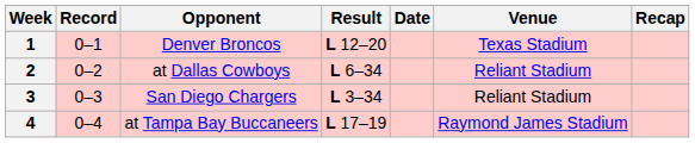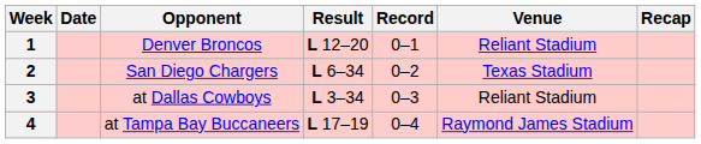 <table class="wikitable" style="text-align:center">
 <tr>
 <th>Week</th>
-<th>Record</th>
+<th>Date</th>
 <th>Opponent</th>
 <th>Result</th>
-<th>Date</th>
+<th>Record</th>
 <th>Venue</th>
 <th>Recap</th>
 </tr>
 <tr style="background:#fcc">
 <th>1</th>
-<td>0–1</td>
+<td></td>
 <td><a href='#'>Denver Broncos</a></td>
 <td><strong>L</strong>  12–20</td>
+<td>0–1</td>
+<td><a href='#'>Reliant Stadium</a></td>
 <td></td>
+</tr>
+<tr style="background:#fcc">
+<th>2</th>
+<td></td>
+<td><a href='#'>San Diego Chargers</a></td>
+<td><strong>L</strong> 6–34</td>
+<td>0–2</td>
 <td><a href='#'>Texas Stadium</a></td>
 <td></td>
 </tr>
 <tr style="background:#fcc">
-<th>2</th>
-<td>0–2</td>
+<th>3</th>
+<td></td>
 <td>at <a href='#'>Dallas Cowboys</a></td>
-<td><strong>L</strong> 6–34</td>
-<td></td>
-<td><a href='#'>Reliant Stadium</a></td>
-<td></td>
-</tr>
-<tr style="background:#fcc">
-<th>3</th>
+<td><strong>L</strong> 3–34</td>
 <td>0–3</td>
-<td><a href='#'>San Diego Chargers</a></td>
-<td><strong>L</strong> 3–34</td>
-<td></td>
 <td>Reliant Stadium</td>
 <td></td>
 </tr>
 <tr style="background:#fcc">
 <th>4</th>
-<td>0–4</td>
+<td></td>
 <td>at <a href='#'>Tampa Bay Buccaneers</a></td>
 <td><strong>L</strong> 17–19</td>
-<td></td>
+<td>0–4</td>
 <td><a href='#'>Raymond James Stadium</a></td>
 <td></td>
 </tr>
 </table>
